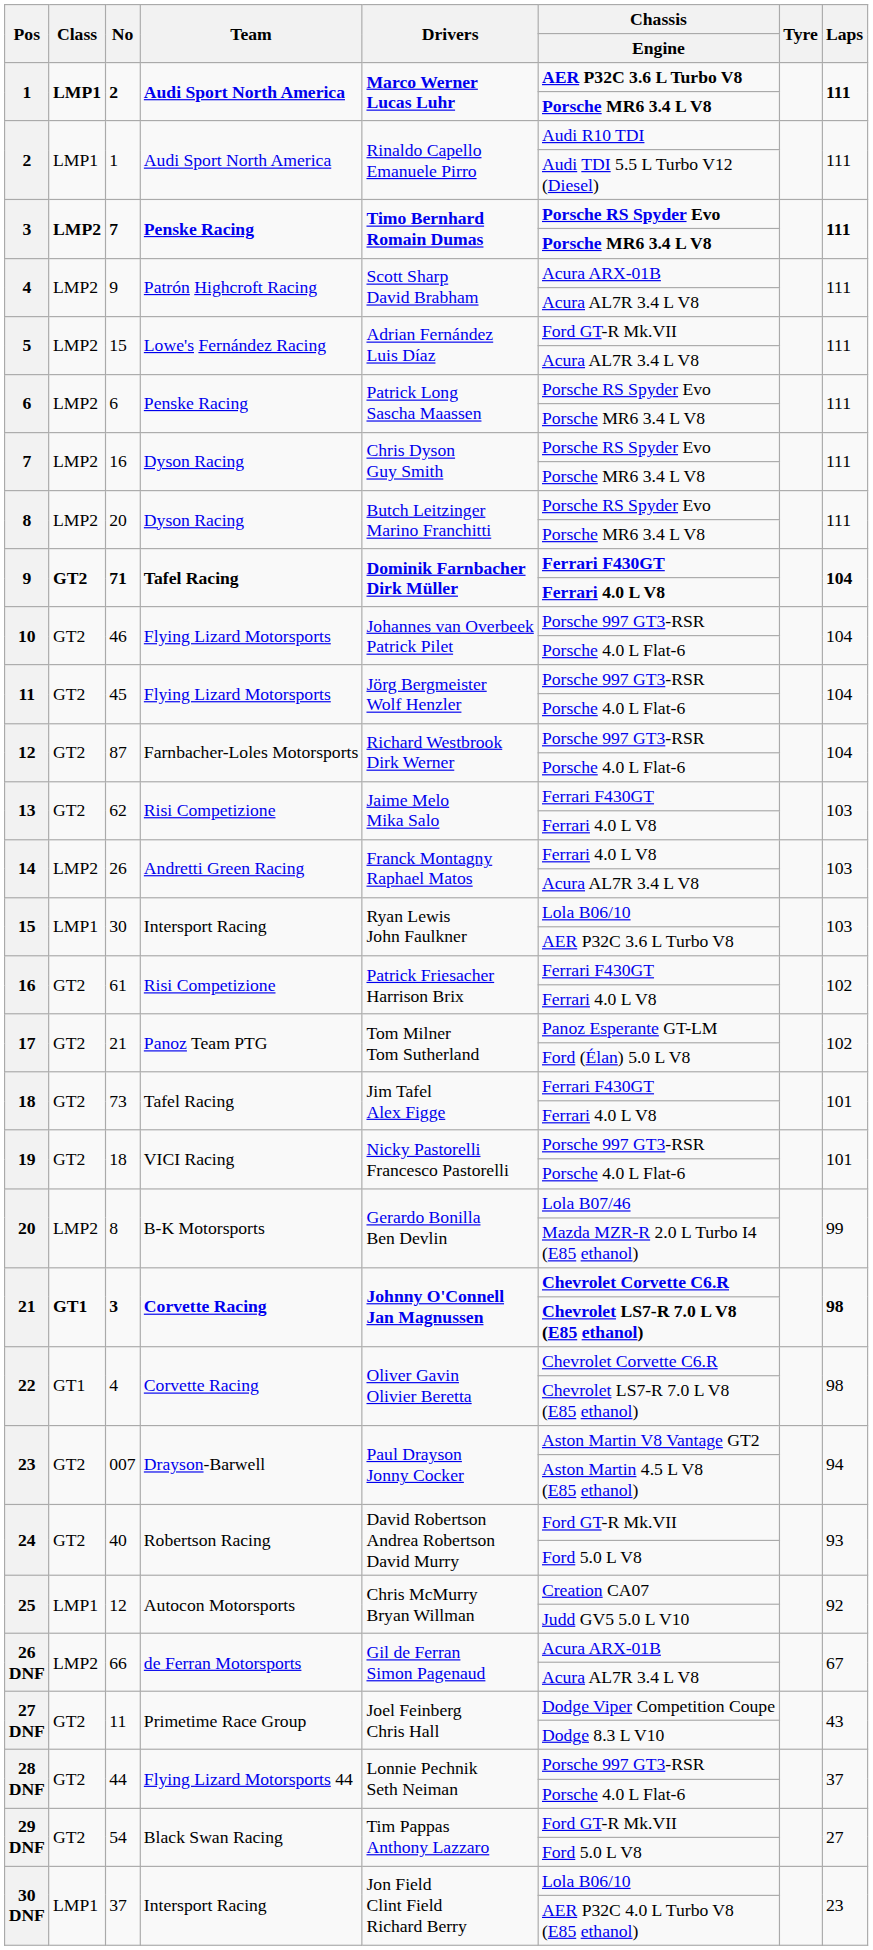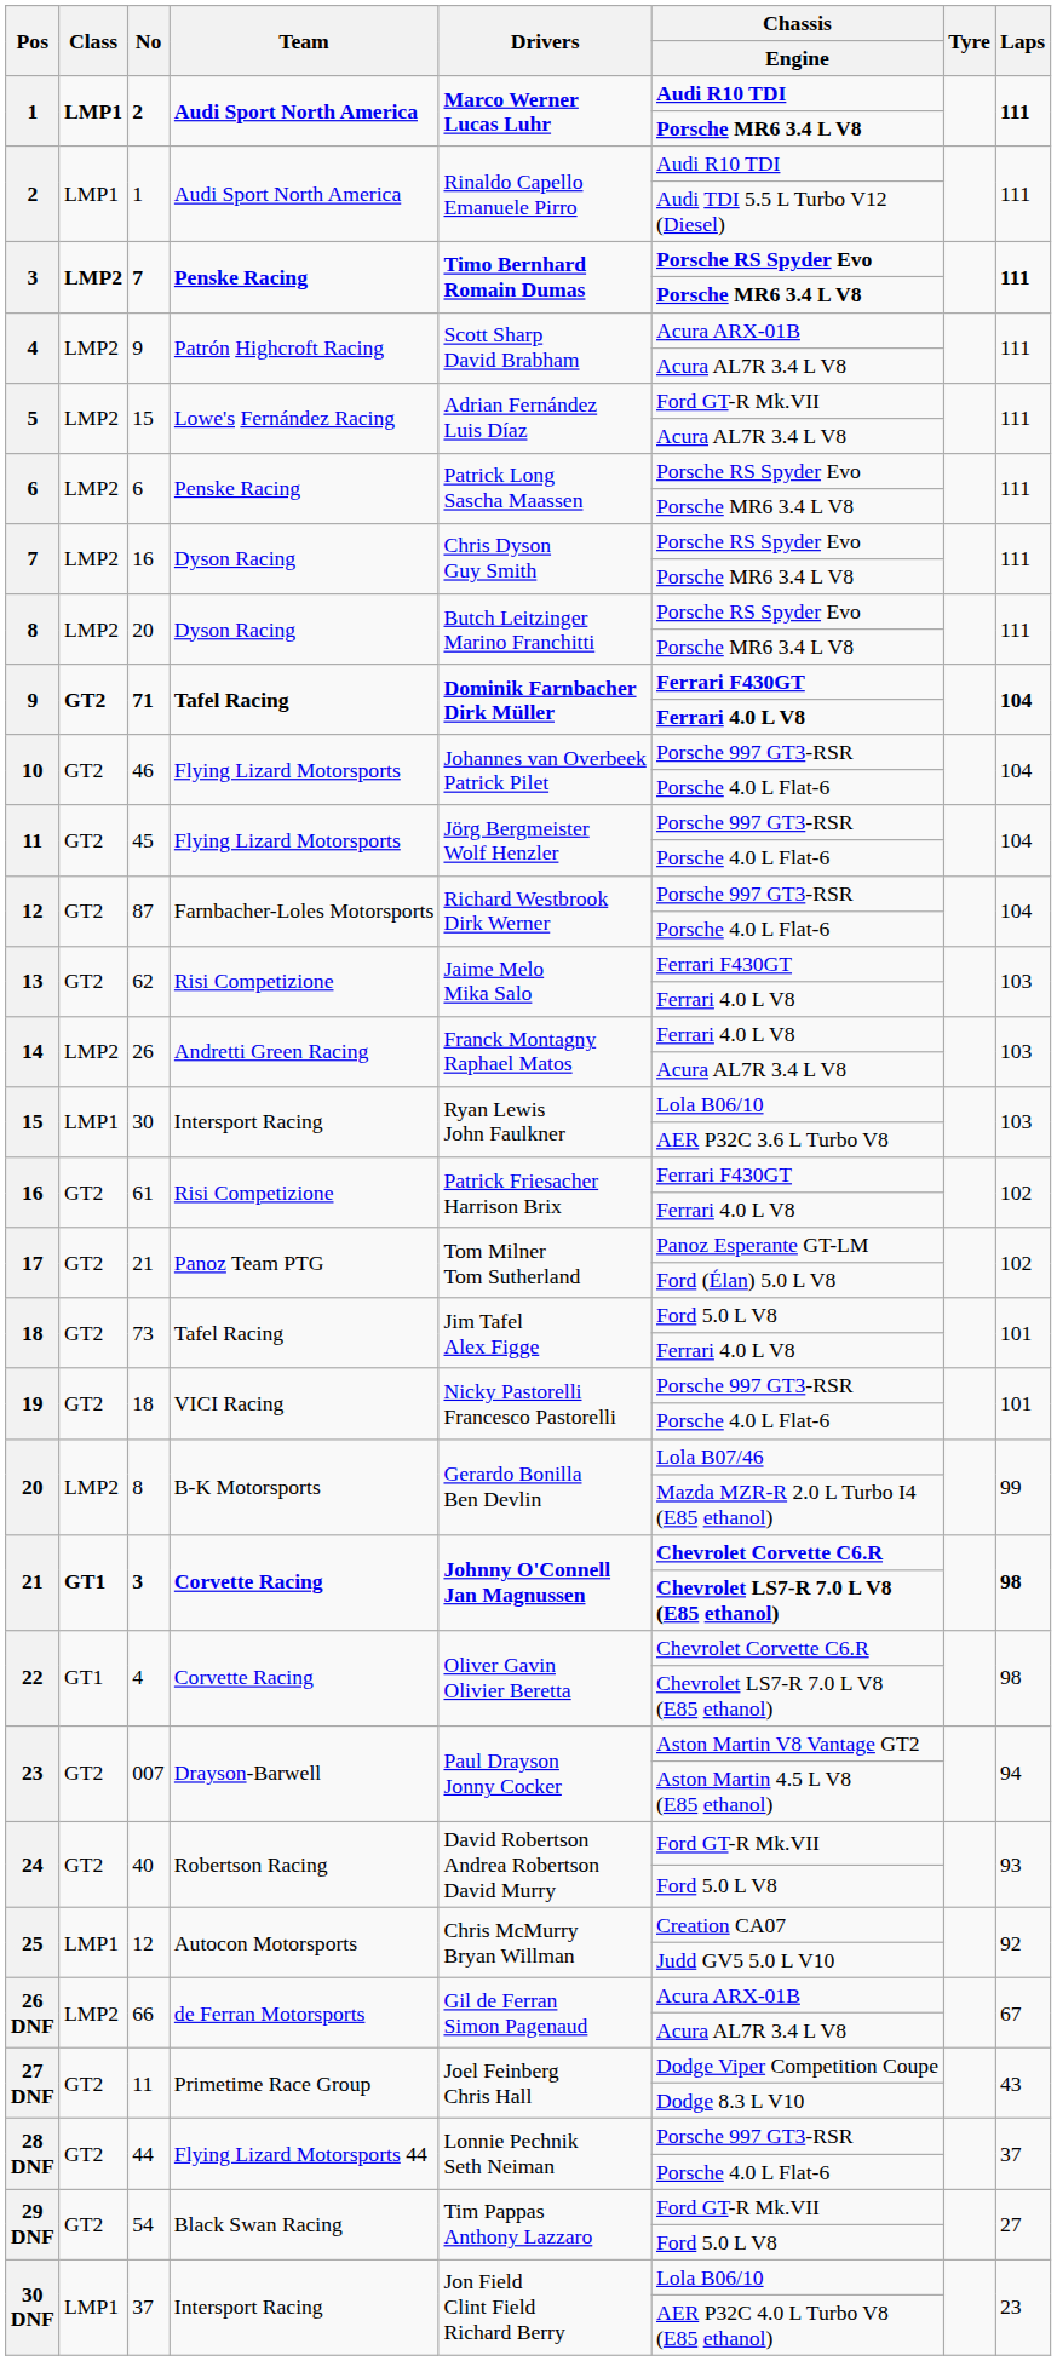 <table class="wikitable" style="font-size: 95%;">
 <tr>
 <th rowspan=2>Pos</th>
 <th rowspan=2>Class</th>
 <th rowspan=2>No</th>
 <th rowspan=2>Team</th>
 <th rowspan=2>Drivers</th>
 <th>Chassis</th>
 <th rowspan=2>Tyre</th>
 <th rowspan=2>Laps</th>
 </tr>
 <tr>
 <th>Engine</th>
 </tr>
 <tr style="font-weight:bold">
 <th rowspan=2>1</th>
 <td rowspan=2>LMP1</td>
 <td rowspan=2>2</td>
 <td rowspan=2> <a href='#'>Audi Sport North America</a></td>
 <td rowspan=2> <a href='#'>Marco Werner</a><br> <a href='#'>Lucas Luhr</a></td>
-<td><a href='#'>AER</a> P32C 3.6 L Turbo V8</td>
+<td><a href='#'>Audi R10 TDI</a></td>
 <td rowspan=2></td>
 <td rowspan=2>111</td>
 </tr>
 <tr style="font-weight:bold">
 <td><a href='#'>Porsche</a> MR6 3.4 L V8</td>
 </tr>
 <tr>
 <th rowspan=2>2</th>
 <td rowspan=2>LMP1</td>
 <td rowspan=2>1</td>
 <td rowspan=2> <a href='#'>Audi Sport North America</a></td>
 <td rowspan=2> <a href='#'>Rinaldo Capello</a><br> <a href='#'>Emanuele Pirro</a></td>
 <td><a href='#'>Audi R10 TDI</a></td>
 <td rowspan=2></td>
 <td rowspan=2>111</td>
 </tr>
 <tr>
 <td><a href='#'>Audi</a> <a href='#'>TDI</a> 5.5 L Turbo V12<br>(<a href='#'>Diesel</a>)</td>
 </tr>
 <tr style="font-weight:bold">
 <th rowspan=2>3</th>
 <td rowspan=2>LMP2</td>
 <td rowspan=2>7</td>
 <td rowspan=2> <a href='#'>Penske Racing</a></td>
 <td rowspan=2> <a href='#'>Timo Bernhard</a><br> <a href='#'>Romain Dumas</a></td>
 <td><a href='#'>Porsche RS Spyder</a> Evo</td>
 <td rowspan=2></td>
 <td rowspan=2>111</td>
 </tr>
 <tr style="font-weight:bold">
 <td><a href='#'>Porsche</a> MR6 3.4 L V8</td>
 </tr>
 <tr>
 <th rowspan=2>4</th>
 <td rowspan=2>LMP2</td>
 <td rowspan=2>9</td>
 <td rowspan=2> <a href='#'>Patrón</a> <a href='#'>Highcroft Racing</a></td>
 <td rowspan=2> <a href='#'>Scott Sharp</a><br> <a href='#'>David Brabham</a></td>
 <td><a href='#'>Acura ARX-01B</a></td>
 <td rowspan=2></td>
 <td rowspan=2>111</td>
 </tr>
 <tr>
 <td><a href='#'>Acura</a> AL7R 3.4 L V8</td>
 </tr>
 <tr>
 <th rowspan=2>5</th>
 <td rowspan=2>LMP2</td>
 <td rowspan=2>15</td>
 <td rowspan=2> <a href='#'>Lowe's</a> <a href='#'>Fernández Racing</a></td>
 <td rowspan=2> <a href='#'>Adrian Fernández</a><br> <a href='#'>Luis Díaz</a></td>
 <td><a href='#'>Ford GT</a>-R Mk.VII</td>
 <td rowspan=2></td>
 <td rowspan=2>111</td>
 </tr>
 <tr>
 <td><a href='#'>Acura</a> AL7R 3.4 L V8</td>
 </tr>
 <tr>
 <th rowspan=2>6</th>
 <td rowspan=2>LMP2</td>
 <td rowspan=2>6</td>
 <td rowspan=2> <a href='#'>Penske Racing</a></td>
 <td rowspan=2> <a href='#'>Patrick Long</a><br> <a href='#'>Sascha Maassen</a></td>
 <td><a href='#'>Porsche RS Spyder</a> Evo</td>
 <td rowspan=2></td>
 <td rowspan=2>111</td>
 </tr>
 <tr>
 <td><a href='#'>Porsche</a> MR6 3.4 L V8</td>
 </tr>
 <tr>
 <th rowspan=2>7</th>
 <td rowspan=2>LMP2</td>
 <td rowspan=2>16</td>
 <td rowspan=2> <a href='#'>Dyson Racing</a></td>
 <td rowspan=2> <a href='#'>Chris Dyson</a><br> <a href='#'>Guy Smith</a></td>
 <td><a href='#'>Porsche RS Spyder</a> Evo</td>
 <td rowspan=2></td>
 <td rowspan=2>111</td>
 </tr>
 <tr>
 <td><a href='#'>Porsche</a> MR6 3.4 L V8</td>
 </tr>
 <tr>
 <th rowspan=2>8</th>
 <td rowspan=2>LMP2</td>
 <td rowspan=2>20</td>
 <td rowspan=2> <a href='#'>Dyson Racing</a></td>
 <td rowspan=2> <a href='#'>Butch Leitzinger</a><br> <a href='#'>Marino Franchitti</a></td>
 <td><a href='#'>Porsche RS Spyder</a> Evo</td>
 <td rowspan=2></td>
 <td rowspan=2>111</td>
 </tr>
 <tr>
 <td><a href='#'>Porsche</a> MR6 3.4 L V8</td>
 </tr>
 <tr style="font-weight:bold">
 <th rowspan=2>9</th>
 <td rowspan=2>GT2</td>
 <td rowspan=2>71</td>
 <td rowspan=2> Tafel Racing</td>
 <td rowspan=2> <a href='#'>Dominik Farnbacher</a><br> <a href='#'>Dirk Müller</a></td>
 <td><a href='#'>Ferrari F430GT</a></td>
 <td rowspan=2></td>
 <td rowspan=2>104</td>
 </tr>
 <tr style="font-weight:bold">
 <td><a href='#'>Ferrari</a> 4.0 L V8</td>
 </tr>
 <tr>
 <th rowspan=2>10</th>
 <td rowspan=2>GT2</td>
 <td rowspan=2>46</td>
 <td rowspan=2> <a href='#'>Flying Lizard Motorsports</a></td>
 <td rowspan=2> <a href='#'>Johannes van Overbeek</a><br> <a href='#'>Patrick Pilet</a></td>
 <td><a href='#'>Porsche 997 GT3</a>-RSR</td>
 <td rowspan=2></td>
 <td rowspan=2>104</td>
 </tr>
 <tr>
 <td><a href='#'>Porsche</a> 4.0 L Flat-6</td>
 </tr>
 <tr>
 <th rowspan=2>11</th>
 <td rowspan=2>GT2</td>
 <td rowspan=2>45</td>
 <td rowspan=2> <a href='#'>Flying Lizard Motorsports</a></td>
 <td rowspan=2> <a href='#'>Jörg Bergmeister</a><br> <a href='#'>Wolf Henzler</a></td>
 <td><a href='#'>Porsche 997 GT3</a>-RSR</td>
 <td rowspan=2></td>
 <td rowspan=2>104</td>
 </tr>
 <tr>
 <td><a href='#'>Porsche</a> 4.0 L Flat-6</td>
 </tr>
 <tr>
 <th rowspan=2>12</th>
 <td rowspan=2>GT2</td>
 <td rowspan=2>87</td>
 <td rowspan=2> Farnbacher-Loles Motorsports</td>
 <td rowspan=2> <a href='#'>Richard Westbrook</a><br> <a href='#'>Dirk Werner</a></td>
 <td><a href='#'>Porsche 997 GT3</a>-RSR</td>
 <td rowspan=2></td>
 <td rowspan=2>104</td>
 </tr>
 <tr>
 <td><a href='#'>Porsche</a> 4.0 L Flat-6</td>
 </tr>
 <tr>
 <th rowspan=2>13</th>
 <td rowspan=2>GT2</td>
 <td rowspan=2>62</td>
 <td rowspan=2> <a href='#'>Risi Competizione</a></td>
 <td rowspan=2> <a href='#'>Jaime Melo</a><br> <a href='#'>Mika Salo</a></td>
 <td><a href='#'>Ferrari F430GT</a></td>
 <td rowspan=2></td>
 <td rowspan=2>103</td>
 </tr>
 <tr>
 <td><a href='#'>Ferrari</a> 4.0 L V8</td>
 </tr>
 <tr>
 <th rowspan=2>14</th>
 <td rowspan=2>LMP2</td>
 <td rowspan=2>26</td>
 <td rowspan=2> <a href='#'>Andretti Green Racing</a></td>
 <td rowspan=2> <a href='#'>Franck Montagny</a><br> <a href='#'>Raphael Matos</a></td>
 <td><a href='#'>Ferrari</a> 4.0 L V8</td>
 <td rowspan=2></td>
 <td rowspan=2>103</td>
 </tr>
 <tr>
 <td><a href='#'>Acura</a> AL7R 3.4 L V8</td>
 </tr>
 <tr>
 <th rowspan=2>15</th>
 <td rowspan=2>LMP1</td>
 <td rowspan=2>30</td>
 <td rowspan=2> Intersport Racing</td>
 <td rowspan=2> Ryan Lewis<br> John Faulkner</td>
 <td><a href='#'>Lola B06/10</a></td>
 <td rowspan=2></td>
 <td rowspan=2>103</td>
 </tr>
 <tr>
 <td><a href='#'>AER</a> P32C 3.6 L Turbo V8</td>
 </tr>
 <tr>
 <th rowspan=2>16</th>
 <td rowspan=2>GT2</td>
 <td rowspan=2>61</td>
 <td rowspan=2> <a href='#'>Risi Competizione</a></td>
 <td rowspan=2> <a href='#'>Patrick Friesacher</a><br> Harrison Brix</td>
 <td><a href='#'>Ferrari F430GT</a></td>
 <td rowspan=2></td>
 <td rowspan=2>102</td>
 </tr>
 <tr>
 <td><a href='#'>Ferrari</a> 4.0 L V8</td>
 </tr>
 <tr>
 <th rowspan=2>17</th>
 <td rowspan=2>GT2</td>
 <td rowspan=2>21</td>
 <td rowspan=2> <a href='#'>Panoz</a> Team PTG</td>
 <td rowspan=2> Tom Milner<br> Tom Sutherland</td>
 <td><a href='#'>Panoz Esperante</a> GT-LM</td>
 <td rowspan=2></td>
 <td rowspan=2>102</td>
 </tr>
 <tr>
 <td><a href='#'>Ford</a> (<a href='#'>Élan</a>) 5.0 L V8</td>
 </tr>
 <tr>
 <th rowspan=2>18</th>
 <td rowspan=2>GT2</td>
 <td rowspan=2>73</td>
 <td rowspan=2> Tafel Racing</td>
 <td rowspan=2> Jim Tafel<br> <a href='#'>Alex Figge</a></td>
-<td><a href='#'>Ferrari F430GT</a></td>
+<td><a href='#'>Ford</a> 5.0 L V8</td>
 <td rowspan=2></td>
 <td rowspan=2>101</td>
 </tr>
 <tr>
 <td><a href='#'>Ferrari</a> 4.0 L V8</td>
 </tr>
 <tr>
 <th rowspan=2>19</th>
 <td rowspan=2>GT2</td>
 <td rowspan=2>18</td>
 <td rowspan=2> VICI Racing</td>
 <td rowspan=2> <a href='#'>Nicky Pastorelli</a><br> Francesco Pastorelli</td>
 <td><a href='#'>Porsche 997 GT3</a>-RSR</td>
 <td rowspan=2></td>
 <td rowspan=2>101</td>
 </tr>
 <tr>
 <td><a href='#'>Porsche</a> 4.0 L Flat-6</td>
 </tr>
 <tr>
 <th rowspan=2>20</th>
 <td rowspan=2>LMP2</td>
 <td rowspan=2>8</td>
 <td rowspan=2> B-K Motorsports</td>
 <td rowspan=2> <a href='#'>Gerardo Bonilla</a><br> Ben Devlin</td>
 <td><a href='#'>Lola B07/46</a></td>
 <td rowspan=2></td>
 <td rowspan=2>99</td>
 </tr>
 <tr>
 <td><a href='#'>Mazda MZR-R</a> 2.0 L Turbo I4<br>(<a href='#'>E85</a> <a href='#'>ethanol</a>)</td>
 </tr>
 <tr style="font-weight:bold">
 <th rowspan=2>21</th>
 <td rowspan=2>GT1</td>
 <td rowspan=2>3</td>
 <td rowspan=2> <a href='#'>Corvette Racing</a></td>
 <td rowspan=2> <a href='#'>Johnny O'Connell</a><br> <a href='#'>Jan Magnussen</a></td>
 <td><a href='#'>Chevrolet Corvette C6.R</a></td>
 <td rowspan=2></td>
 <td rowspan=2>98</td>
 </tr>
 <tr style="font-weight:bold">
 <td><a href='#'>Chevrolet</a> LS7-R 7.0 L V8<br>(<a href='#'>E85</a> <a href='#'>ethanol</a>)</td>
 </tr>
 <tr>
 <th rowspan=2>22</th>
 <td rowspan=2>GT1</td>
 <td rowspan=2>4</td>
 <td rowspan=2> <a href='#'>Corvette Racing</a></td>
 <td rowspan=2> <a href='#'>Oliver Gavin</a><br> <a href='#'>Olivier Beretta</a></td>
 <td><a href='#'>Chevrolet Corvette C6.R</a></td>
 <td rowspan=2></td>
 <td rowspan=2>98</td>
 </tr>
 <tr>
 <td><a href='#'>Chevrolet</a> LS7-R 7.0 L V8<br>(<a href='#'>E85</a> <a href='#'>ethanol</a>)</td>
 </tr>
 <tr>
 <th rowspan=2>23</th>
 <td rowspan=2>GT2</td>
 <td rowspan=2>007</td>
 <td rowspan=2> <a href='#'>Drayson</a>-Barwell</td>
 <td rowspan=2> <a href='#'>Paul Drayson</a><br> <a href='#'>Jonny Cocker</a></td>
 <td><a href='#'>Aston Martin V8 Vantage</a> GT2</td>
 <td rowspan=2></td>
 <td rowspan=2>94</td>
 </tr>
 <tr>
 <td><a href='#'>Aston Martin</a> 4.5 L V8<br>(<a href='#'>E85</a> <a href='#'>ethanol</a>)</td>
 </tr>
 <tr>
 <th rowspan=2>24</th>
 <td rowspan=2>GT2</td>
 <td rowspan=2>40</td>
 <td rowspan=2> Robertson Racing</td>
 <td rowspan=2> David Robertson<br> Andrea Robertson<br> David Murry</td>
 <td><a href='#'>Ford GT</a>-R Mk.VII</td>
 <td rowspan=2></td>
 <td rowspan=2>93</td>
 </tr>
 <tr>
 <td><a href='#'>Ford</a> 5.0 L V8</td>
 </tr>
 <tr>
 <th rowspan=2>25</th>
 <td rowspan=2>LMP1</td>
 <td rowspan=2>12</td>
 <td rowspan=2> Autocon Motorsports</td>
 <td rowspan=2> Chris McMurry<br> Bryan Willman</td>
 <td><a href='#'>Creation</a> CA07</td>
 <td rowspan=2></td>
 <td rowspan=2>92</td>
 </tr>
 <tr>
 <td><a href='#'>Judd</a> GV5 5.0 L V10</td>
 </tr>
 <tr>
 <th rowspan=2>26<br>DNF</th>
 <td rowspan=2>LMP2</td>
 <td rowspan=2>66</td>
 <td rowspan=2> <a href='#'>de Ferran Motorsports</a></td>
 <td rowspan=2> <a href='#'>Gil de Ferran</a><br> <a href='#'>Simon Pagenaud</a></td>
 <td><a href='#'>Acura ARX-01B</a></td>
 <td rowspan=2></td>
 <td rowspan=2>67</td>
 </tr>
 <tr>
 <td><a href='#'>Acura</a> AL7R 3.4 L V8</td>
 </tr>
 <tr>
 <th rowspan=2>27<br>DNF</th>
 <td rowspan=2>GT2</td>
 <td rowspan=2>11</td>
 <td rowspan=2> Primetime Race Group</td>
 <td rowspan=2> Joel Feinberg<br> Chris Hall</td>
 <td><a href='#'>Dodge Viper</a> Competition Coupe</td>
 <td rowspan=2></td>
 <td rowspan=2>43</td>
 </tr>
 <tr>
 <td><a href='#'>Dodge</a> 8.3 L V10</td>
 </tr>
 <tr>
 <th rowspan=2>28<br>DNF</th>
 <td rowspan=2>GT2</td>
 <td rowspan=2>44</td>
 <td rowspan=2> <a href='#'>Flying Lizard Motorsports</a> 44</td>
 <td rowspan=2> Lonnie Pechnik<br> Seth Neiman</td>
 <td><a href='#'>Porsche 997 GT3</a>-RSR</td>
 <td rowspan=2></td>
 <td rowspan=2>37</td>
 </tr>
 <tr>
 <td><a href='#'>Porsche</a> 4.0 L Flat-6</td>
 </tr>
 <tr>
 <th rowspan=2>29<br>DNF</th>
 <td rowspan=2>GT2</td>
 <td rowspan=2>54</td>
 <td rowspan=2> Black Swan Racing</td>
 <td rowspan=2> Tim Pappas<br> <a href='#'>Anthony Lazzaro</a></td>
 <td><a href='#'>Ford GT</a>-R Mk.VII</td>
 <td rowspan=2></td>
 <td rowspan=2>27</td>
 </tr>
 <tr>
 <td><a href='#'>Ford</a> 5.0 L V8</td>
 </tr>
 <tr>
 <th rowspan=2>30<br>DNF</th>
 <td rowspan=2>LMP1</td>
 <td rowspan=2>37</td>
 <td rowspan=2> Intersport Racing</td>
 <td rowspan=2> Jon Field<br> Clint Field<br> Richard Berry</td>
 <td><a href='#'>Lola B06/10</a></td>
 <td rowspan=2></td>
 <td rowspan=2>23</td>
 </tr>
 <tr>
 <td><a href='#'>AER</a> P32C 4.0 L Turbo V8<br>(<a href='#'>E85</a> <a href='#'>ethanol</a>)</td>
 </tr>
 </table>
